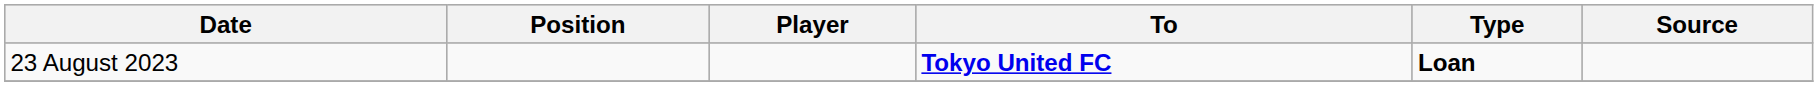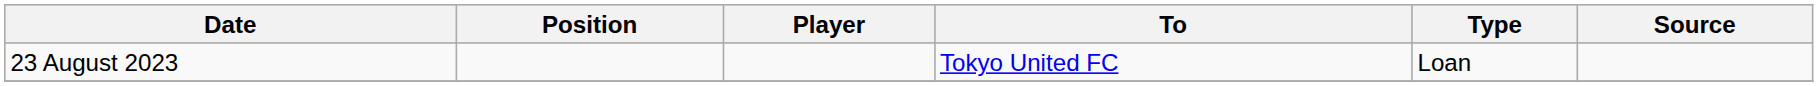 <table class="wikitable sortable" style="width:90%; text-align:center; font-size:95%; text-align:left;">
 <tr>
 <th>Date</th>
 <th>Position</th>
 <th>Player</th>
 <th>To</th>
 <th>Type</th>
 <th>Source</th>
 </tr>
 <tr>
 <td>23 August 2023</td>
 <td></td>
 <td></td>
-<td><strong> <a href='#'>Tokyo United FC</a></strong></td>
-<td><strong>Loan</strong></td>
+<td> <a href='#'>Tokyo United FC</a></td>
+<td>Loan</td>
 <td></td>
 </tr>
 <tr>
 </tr>
 </table>
